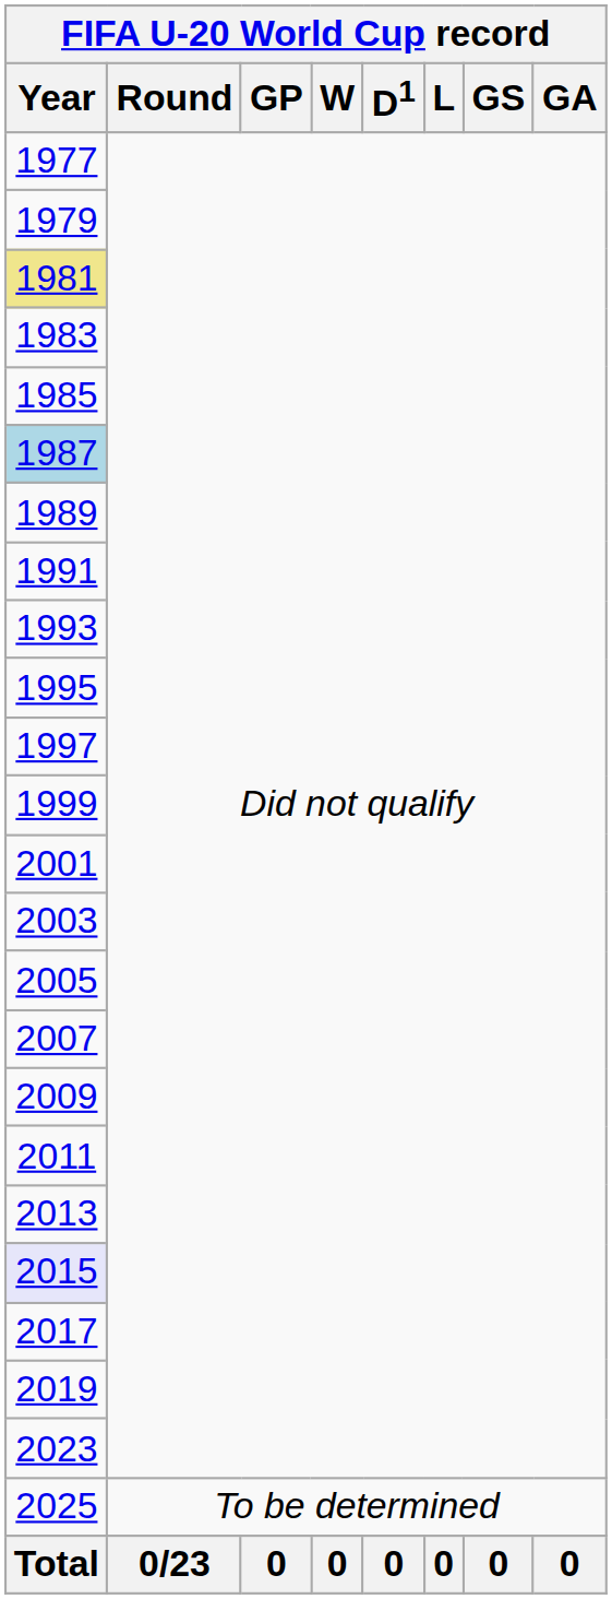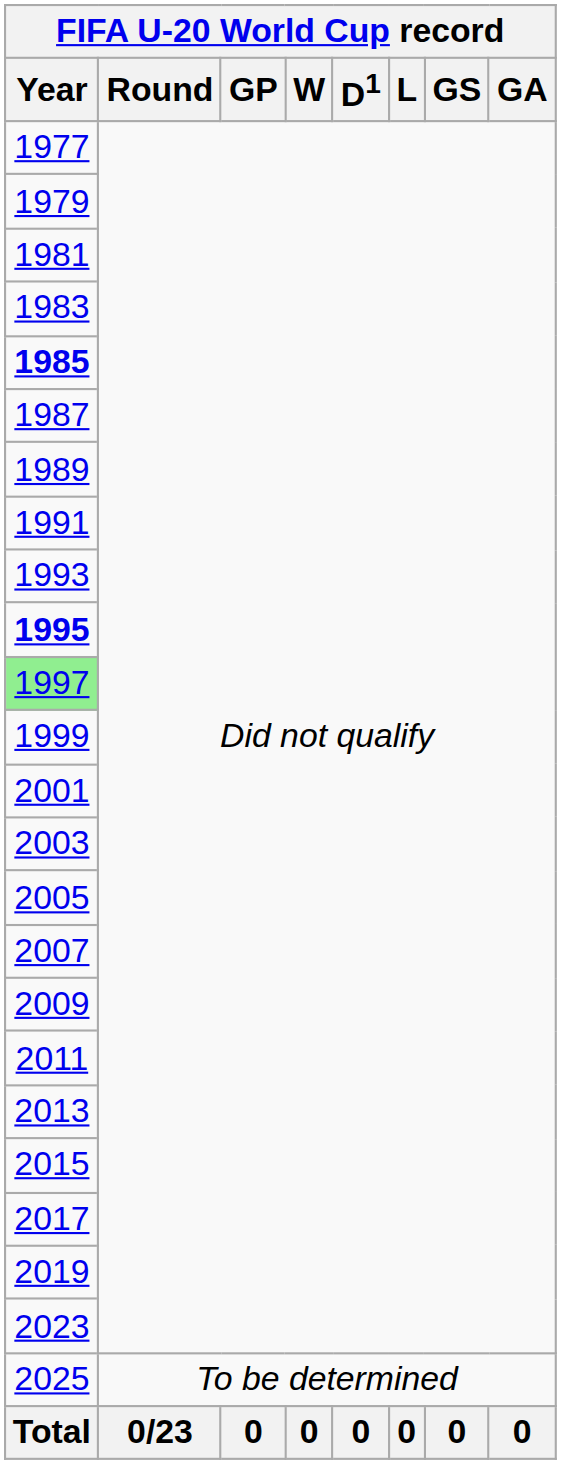 <table class="wikitable" style="text-align: center;">
 <tr>
 <th colspan=8><a href='#'>FIFA U-20 World Cup</a> record</th>
 </tr>
 <tr>
 <th>Year</th>
 <th>Round</th>
 <th>GP</th>
 <th>W</th>
 <th>D<sup>1</sup></th>
 <th>L</th>
 <th>GS</th>
 <th>GA</th>
 </tr>
 <tr>
 <td> <a href='#'>1977</a></td>
 <td colspan=7 rowspan=23><em>Did not qualify</em></td>
 </tr>
 <tr>
 <td> <a href='#'>1979</a></td>
 </tr>
 <tr>
-<td style="background: khaki;"> <a href='#'>1981</a></td>
+<td> <a href='#'>1981</a></td>
 </tr>
 <tr>
 <td> <a href='#'>1983</a></td>
 </tr>
 <tr>
-<td> <a href='#'>1985</a></td>
+<td><strong> <a href='#'>1985</a></strong></td>
 </tr>
 <tr>
-<td style="background: lightblue;"> <a href='#'>1987</a></td>
+<td> <a href='#'>1987</a></td>
 </tr>
 <tr>
 <td> <a href='#'>1989</a></td>
 </tr>
 <tr>
 <td> <a href='#'>1991</a></td>
 </tr>
 <tr>
 <td> <a href='#'>1993</a></td>
 </tr>
 <tr>
-<td> <a href='#'>1995</a></td>
+<td><strong> <a href='#'>1995</a></strong></td>
 </tr>
 <tr>
-<td> <a href='#'>1997</a></td>
+<td style="background: lightgreen;"> <a href='#'>1997</a></td>
 </tr>
 <tr>
 <td> <a href='#'>1999</a></td>
 </tr>
 <tr>
 <td> <a href='#'>2001</a></td>
 </tr>
 <tr>
 <td> <a href='#'>2003</a></td>
 </tr>
 <tr>
 <td> <a href='#'>2005</a></td>
 </tr>
 <tr>
 <td> <a href='#'>2007</a></td>
 </tr>
 <tr>
 <td> <a href='#'>2009</a></td>
 </tr>
 <tr>
 <td> <a href='#'>2011</a></td>
 </tr>
 <tr>
 <td> <a href='#'>2013</a></td>
 </tr>
 <tr>
-<td style="background: lavender;"> <a href='#'>2015</a></td>
+<td> <a href='#'>2015</a></td>
 </tr>
 <tr>
 <td> <a href='#'>2017</a></td>
 </tr>
 <tr>
 <td> <a href='#'>2019</a></td>
 </tr>
 <tr>
 <td> <a href='#'>2023</a></td>
 </tr>
 <tr>
 <td> <a href='#'>2025</a></td>
 <td colspan="7"><em>To be determined</em></td>
 </tr>
 <tr>
 <th><strong>Total</strong></th>
 <th>0/23</th>
 <th>0</th>
 <th>0</th>
 <th>0</th>
 <th>0</th>
 <th>0</th>
 <th>0</th>
 </tr>
 </table>
